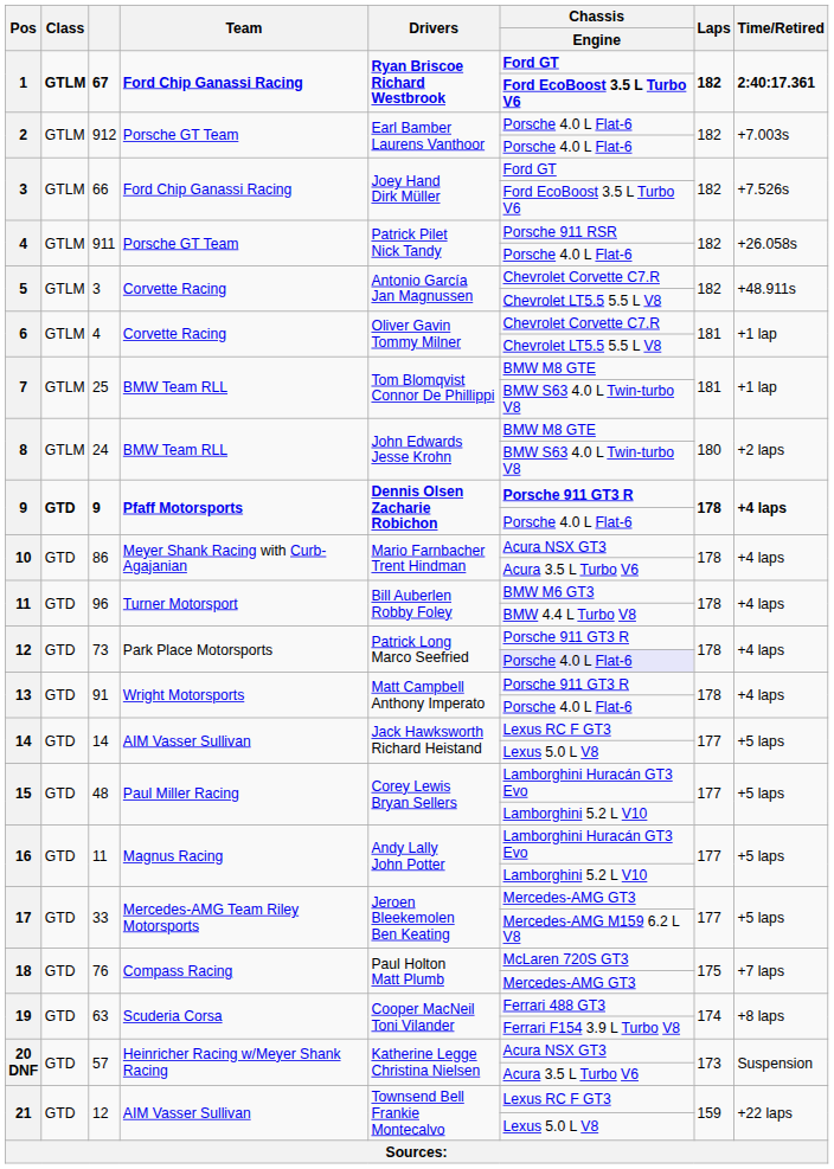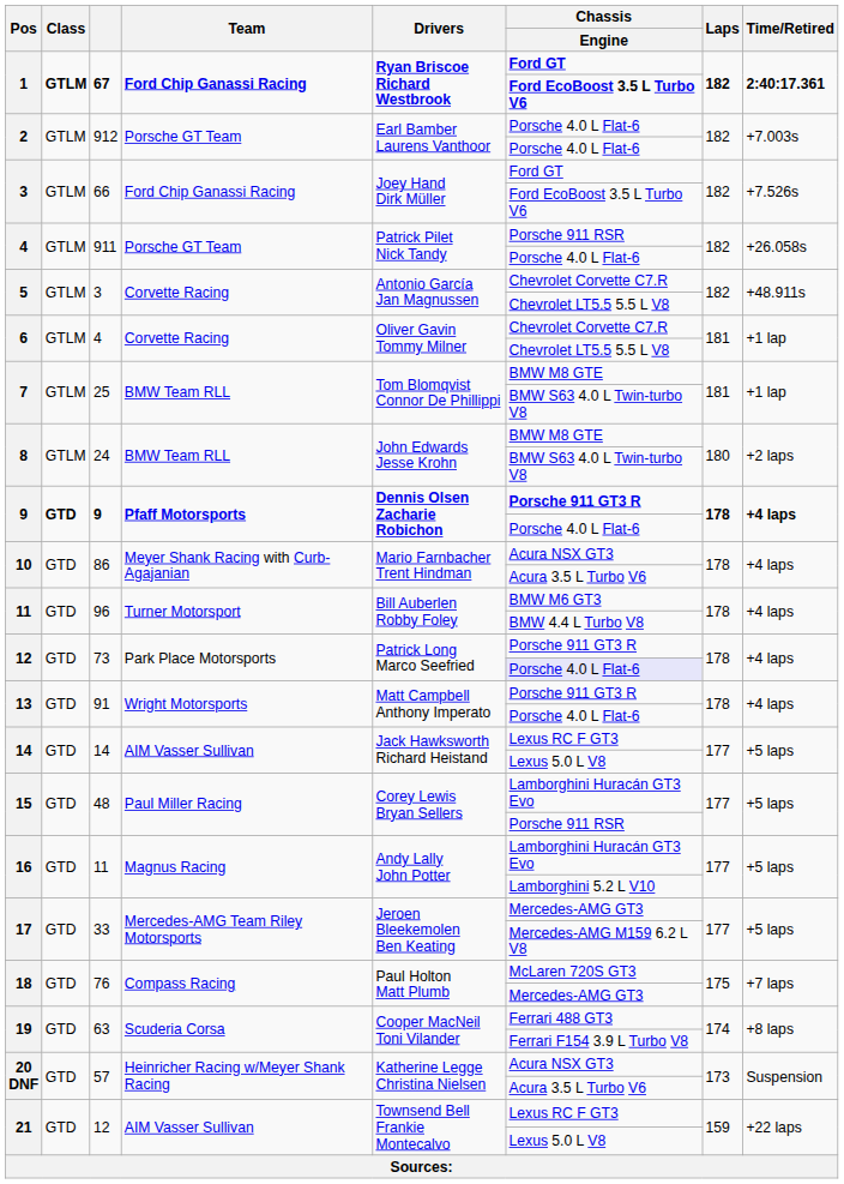 <table class="wikitable" style="font-size: 95%;">
 <tr>
 <th rowspan=2>Pos</th>
 <th rowspan=2>Class</th>
 <th rowspan=2></th>
 <th rowspan=2>Team</th>
 <th rowspan=2>Drivers</th>
 <th>Chassis</th>
 <th rowspan=2>Laps</th>
 <th rowspan=2>Time/Retired</th>
 </tr>
 <tr>
 <th>Engine</th>
 </tr>
 <tr style="font-weight:bold">
 <th rowspan=2>1</th>
 <td rowspan=2>GTLM</td>
 <td rowspan=2>67</td>
 <td rowspan=2> <a href='#'>Ford Chip Ganassi Racing</a></td>
 <td rowspan=2> <a href='#'>Ryan Briscoe</a><br> <a href='#'>Richard Westbrook</a></td>
 <td><a href='#'>Ford GT</a></td>
 <td rowspan=2>182</td>
 <td rowspan=2>2:40:17.361 </td>
 </tr>
 <tr style="font-weight:bold">
 <td><a href='#'>Ford EcoBoost</a> 3.5 L <a href='#'>Turbo</a> <a href='#'>V6</a></td>
 </tr>
 <tr>
 <th rowspan=2>2</th>
 <td rowspan=2>GTLM</td>
 <td rowspan=2>912</td>
 <td rowspan=2> <a href='#'>Porsche GT Team</a></td>
 <td rowspan=2> <a href='#'>Earl Bamber</a><br> <a href='#'>Laurens Vanthoor</a></td>
 <td><a href='#'>Porsche</a> 4.0 L <a href='#'>Flat-6</a></td>
 <td rowspan=2>182</td>
 <td rowspan=2>+7.003s</td>
 </tr>
 <tr>
 <td><a href='#'>Porsche</a> 4.0 L <a href='#'>Flat-6</a></td>
 </tr>
 <tr>
 <th rowspan=2>3</th>
 <td rowspan=2>GTLM</td>
 <td rowspan=2>66</td>
 <td rowspan=2> <a href='#'>Ford Chip Ganassi Racing</a></td>
 <td rowspan=2> <a href='#'>Joey Hand</a><br> <a href='#'>Dirk Müller</a></td>
 <td><a href='#'>Ford GT</a></td>
 <td rowspan=2>182</td>
 <td rowspan=2>+7.526s</td>
 </tr>
 <tr>
 <td><a href='#'>Ford EcoBoost</a> 3.5 L <a href='#'>Turbo</a> <a href='#'>V6</a></td>
 </tr>
 <tr>
 <th rowspan=2>4</th>
 <td rowspan=2>GTLM</td>
 <td rowspan=2>911</td>
 <td rowspan=2> <a href='#'>Porsche GT Team</a></td>
 <td rowspan=2> <a href='#'>Patrick Pilet</a><br> <a href='#'>Nick Tandy</a></td>
 <td><a href='#'>Porsche 911 RSR</a></td>
 <td rowspan=2>182</td>
 <td rowspan=2>+26.058s</td>
 </tr>
 <tr>
 <td><a href='#'>Porsche</a> 4.0 L <a href='#'>Flat-6</a></td>
 </tr>
 <tr>
 <th rowspan=2>5</th>
 <td rowspan=2>GTLM</td>
 <td rowspan=2>3</td>
 <td rowspan=2> <a href='#'>Corvette Racing</a></td>
 <td rowspan=2> <a href='#'>Antonio García</a><br> <a href='#'>Jan Magnussen</a></td>
 <td><a href='#'>Chevrolet Corvette C7.R</a></td>
 <td rowspan=2>182</td>
 <td rowspan=2>+48.911s</td>
 </tr>
 <tr>
 <td><a href='#'>Chevrolet LT5.5</a> 5.5 L <a href='#'>V8</a></td>
 </tr>
 <tr>
 <th rowspan=2>6</th>
 <td rowspan=2>GTLM</td>
 <td rowspan=2>4</td>
 <td rowspan=2> <a href='#'>Corvette Racing</a></td>
 <td rowspan=2> <a href='#'>Oliver Gavin</a><br> <a href='#'>Tommy Milner</a></td>
 <td><a href='#'>Chevrolet Corvette C7.R</a></td>
 <td rowspan=2>181</td>
 <td rowspan=2>+1 lap</td>
 </tr>
 <tr>
 <td><a href='#'>Chevrolet LT5.5</a> 5.5 L <a href='#'>V8</a></td>
 </tr>
 <tr>
 <th rowspan=2>7</th>
 <td rowspan=2>GTLM</td>
 <td rowspan=2>25</td>
 <td rowspan=2> <a href='#'>BMW Team RLL</a></td>
 <td rowspan=2> <a href='#'>Tom Blomqvist</a><br> <a href='#'>Connor De Phillippi</a></td>
 <td><a href='#'>BMW M8 GTE</a></td>
 <td rowspan=2>181</td>
 <td rowspan=2>+1 lap</td>
 </tr>
 <tr>
 <td><a href='#'>BMW S63</a> 4.0 L <a href='#'>Twin-turbo</a> <a href='#'>V8</a></td>
 </tr>
 <tr>
 <th rowspan=2>8</th>
 <td rowspan=2>GTLM</td>
 <td rowspan=2>24</td>
 <td rowspan=2> <a href='#'>BMW Team RLL</a></td>
 <td rowspan=2> <a href='#'>John Edwards</a><br> <a href='#'>Jesse Krohn</a></td>
 <td><a href='#'>BMW M8 GTE</a></td>
 <td rowspan=2>180</td>
 <td rowspan=2>+2 laps</td>
 </tr>
 <tr>
 <td><a href='#'>BMW S63</a> 4.0 L <a href='#'>Twin-turbo</a> <a href='#'>V8</a></td>
 </tr>
 <tr style="font-weight:bold">
 <th rowspan=2>9</th>
 <td rowspan=2>GTD</td>
 <td rowspan=2>9</td>
 <td rowspan=2> <a href='#'>Pfaff Motorsports</a></td>
 <td rowspan=2> <a href='#'>Dennis Olsen</a><br> <a href='#'>Zacharie Robichon</a></td>
 <td><a href='#'>Porsche 911 GT3 R</a></td>
 <td rowspan=2>178</td>
 <td rowspan=2>+4 laps</td>
 </tr>
 <tr>
 <td><a href='#'>Porsche</a> 4.0 L <a href='#'>Flat-6</a></td>
 </tr>
 <tr>
 <th rowspan=2>10</th>
 <td rowspan=2>GTD</td>
 <td rowspan=2>86</td>
 <td rowspan=2> <a href='#'>Meyer Shank Racing</a> with <a href='#'>Curb-Agajanian</a></td>
 <td rowspan=2> <a href='#'>Mario Farnbacher</a><br> <a href='#'>Trent Hindman</a></td>
 <td><a href='#'>Acura NSX GT3</a></td>
 <td rowspan=2>178</td>
 <td rowspan=2>+4 laps</td>
 </tr>
 <tr>
 <td><a href='#'>Acura</a> 3.5 L <a href='#'>Turbo</a> <a href='#'>V6</a></td>
 </tr>
 <tr>
 <th rowspan=2>11</th>
 <td rowspan=2>GTD</td>
 <td rowspan=2>96</td>
 <td rowspan=2> <a href='#'>Turner Motorsport</a></td>
 <td rowspan=2> <a href='#'>Bill Auberlen</a><br> <a href='#'>Robby Foley</a></td>
 <td><a href='#'>BMW M6 GT3</a></td>
 <td rowspan=2>178</td>
 <td rowspan=2>+4 laps</td>
 </tr>
 <tr>
 <td><a href='#'>BMW</a> 4.4 L <a href='#'>Turbo</a> <a href='#'>V8</a></td>
 </tr>
 <tr>
 <th rowspan=2>12</th>
 <td rowspan=2>GTD</td>
 <td rowspan=2>73</td>
 <td rowspan=2> Park Place Motorsports</td>
 <td rowspan=2> <a href='#'>Patrick Long</a><br> Marco Seefried</td>
 <td><a href='#'>Porsche 911 GT3 R</a></td>
 <td rowspan=2>178</td>
 <td rowspan=2>+4 laps</td>
 </tr>
 <tr>
 <td style="background: lavender;"><a href='#'>Porsche</a> 4.0 L <a href='#'>Flat-6</a></td>
 </tr>
 <tr>
 <th rowspan=2>13</th>
 <td rowspan=2>GTD</td>
 <td rowspan=2>91</td>
 <td rowspan=2> <a href='#'>Wright Motorsports</a></td>
 <td rowspan=2> <a href='#'>Matt Campbell</a><br> Anthony Imperato</td>
 <td><a href='#'>Porsche 911 GT3 R</a></td>
 <td rowspan=2>178</td>
 <td rowspan=2>+4 laps</td>
 </tr>
 <tr>
 <td><a href='#'>Porsche</a> 4.0 L <a href='#'>Flat-6</a></td>
 </tr>
 <tr>
 <th rowspan=2>14</th>
 <td rowspan=2>GTD</td>
 <td rowspan=2>14</td>
 <td rowspan=2> <a href='#'>AIM Vasser Sullivan</a></td>
 <td rowspan=2> <a href='#'>Jack Hawksworth</a><br> Richard Heistand</td>
 <td><a href='#'>Lexus RC F GT3</a></td>
 <td rowspan=2>177</td>
 <td rowspan=2>+5 laps</td>
 </tr>
 <tr>
 <td><a href='#'>Lexus</a> 5.0 L <a href='#'>V8</a></td>
 </tr>
 <tr>
 <th rowspan=2>15</th>
 <td rowspan=2>GTD</td>
 <td rowspan=2>48</td>
 <td rowspan=2> <a href='#'>Paul Miller Racing</a></td>
 <td rowspan=2> <a href='#'>Corey Lewis</a><br> <a href='#'>Bryan Sellers</a></td>
 <td><a href='#'>Lamborghini Huracán GT3 Evo</a></td>
 <td rowspan=2>177</td>
 <td rowspan=2>+5 laps</td>
 </tr>
 <tr>
-<td><a href='#'>Lamborghini</a> 5.2 L <a href='#'>V10</a></td>
+<td><a href='#'>Porsche 911 RSR</a></td>
 </tr>
 <tr>
 <th rowspan=2>16</th>
 <td rowspan=2>GTD</td>
 <td rowspan=2>11</td>
 <td rowspan=2> <a href='#'>Magnus Racing</a></td>
 <td rowspan=2> <a href='#'>Andy Lally</a><br> <a href='#'>John Potter</a></td>
 <td><a href='#'>Lamborghini Huracán GT3 Evo</a></td>
 <td rowspan=2>177</td>
 <td rowspan=2>+5 laps</td>
 </tr>
 <tr>
 <td><a href='#'>Lamborghini</a> 5.2 L <a href='#'>V10</a></td>
 </tr>
 <tr>
 <th rowspan=2>17</th>
 <td rowspan=2>GTD</td>
 <td rowspan=2>33</td>
 <td rowspan=2> <a href='#'>Mercedes-AMG Team Riley Motorsports</a></td>
 <td rowspan=2> <a href='#'>Jeroen Bleekemolen</a><br> <a href='#'>Ben Keating</a></td>
 <td><a href='#'>Mercedes-AMG GT3</a></td>
 <td rowspan=2>177</td>
 <td rowspan=2>+5 laps</td>
 </tr>
 <tr>
 <td><a href='#'>Mercedes-AMG M159</a> 6.2 L <a href='#'>V8</a></td>
 </tr>
 <tr>
 <th rowspan=2>18</th>
 <td rowspan=2>GTD</td>
 <td rowspan=2>76</td>
 <td rowspan=2> <a href='#'>Compass Racing</a></td>
 <td rowspan=2> Paul Holton<br> <a href='#'>Matt Plumb</a></td>
 <td><a href='#'>McLaren 720S GT3</a></td>
 <td rowspan=2>175</td>
 <td rowspan=2>+7 laps</td>
 </tr>
 <tr>
 <td><a href='#'>Mercedes-AMG GT3</a></td>
 </tr>
 <tr>
 <th rowspan=2>19</th>
 <td rowspan=2>GTD</td>
 <td rowspan=2>63</td>
 <td rowspan=2> <a href='#'>Scuderia Corsa</a></td>
 <td rowspan=2> <a href='#'>Cooper MacNeil</a><br> <a href='#'>Toni Vilander</a></td>
 <td><a href='#'>Ferrari 488 GT3</a></td>
 <td rowspan=2>174</td>
 <td rowspan=2>+8 laps</td>
 </tr>
 <tr>
 <td><a href='#'>Ferrari F154</a> 3.9 L <a href='#'>Turbo</a> <a href='#'>V8</a></td>
 </tr>
 <tr>
 <th rowspan=2>20<br>DNF</th>
 <td rowspan=2>GTD</td>
 <td rowspan=2>57</td>
 <td rowspan=2> <a href='#'>Heinricher Racing w/Meyer Shank Racing</a></td>
 <td rowspan=2> <a href='#'>Katherine Legge</a><br> <a href='#'>Christina Nielsen</a></td>
 <td><a href='#'>Acura NSX GT3</a></td>
 <td rowspan=2>173</td>
 <td rowspan=2>Suspension</td>
 </tr>
 <tr>
 <td><a href='#'>Acura</a> 3.5 L <a href='#'>Turbo</a> <a href='#'>V6</a></td>
 </tr>
 <tr>
 <th rowspan=2>21</th>
 <td rowspan=2>GTD</td>
 <td rowspan=2>12</td>
 <td rowspan=2> <a href='#'>AIM Vasser Sullivan</a></td>
 <td rowspan=2> <a href='#'>Townsend Bell</a><br> <a href='#'>Frankie Montecalvo</a></td>
 <td><a href='#'>Lexus RC F GT3</a></td>
 <td rowspan=2>159</td>
 <td rowspan=2>+22 laps</td>
 </tr>
 <tr>
 <td><a href='#'>Lexus</a> 5.0 L <a href='#'>V8</a></td>
 </tr>
 <tr>
 <th colspan=8>Sources:</th>
 </tr>
 </table>
